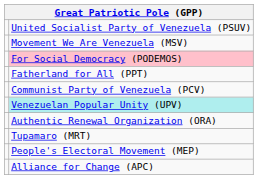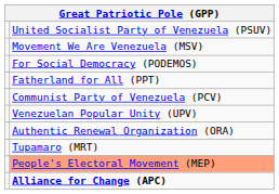 <table class="wikitable">
 <tr>
 <th colspan=5> <a href='#'>Great Patriotic Pole</a> (GPP)</th>
 </tr>
 <tr>
 <td></td>
 <td><a href='#'>United Socialist Party of Venezuela</a> (PSUV)</td>
 </tr>
 <tr>
 <td></td>
 <td><a href='#'>Movement We Are Venezuela</a> (MSV)</td>
 </tr>
 <tr>
 <td></td>
-<td style="background: pink;"><a href='#'>For Social Democracy</a> (PODEMOS)</td>
+<td><a href='#'>For Social Democracy</a> (PODEMOS)</td>
 </tr>
 <tr>
 <td></td>
 <td><a href='#'>Fatherland for All</a> (PPT)</td>
 </tr>
 <tr>
 <td></td>
 <td><a href='#'>Communist Party of Venezuela</a> (PCV)</td>
 </tr>
 <tr>
 <td></td>
-<td style="background: paleturquoise;"><a href='#'>Venezuelan Popular Unity</a> (UPV)</td>
+<td><a href='#'>Venezuelan Popular Unity</a> (UPV)</td>
 </tr>
 <tr>
 <td></td>
 <td><a href='#'>Authentic Renewal Organization</a> (ORA)</td>
 </tr>
 <tr>
 <td></td>
 <td><a href='#'>Tupamaro</a> (MRT)</td>
 </tr>
 <tr>
 <td></td>
-<td><a href='#'>People's Electoral Movement</a> (MEP)</td>
+<td style="background: lightsalmon;"><a href='#'>People's Electoral Movement</a> (MEP)</td>
 </tr>
 <tr>
 <td></td>
-<td><a href='#'>Alliance for Change</a> (APC)</td>
+<td><strong><a href='#'>Alliance for Change</a> (APC)</strong></td>
 </tr>
 </table>
